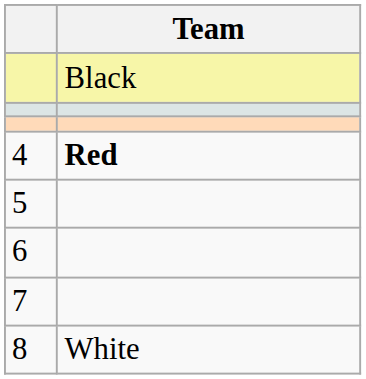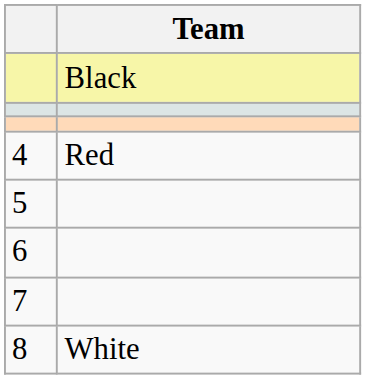 <table class="wikitable">
 <tr>
 <th width=20></th>
 <th width=150>Team</th>
 </tr>
 <tr style="background:#F7F6A8;">
 <td style="text-align:center;"></td>
 <td> Black</td>
 </tr>
 <tr style="background:#DCE5E5;">
 <td style="text-align:center;"></td>
 <td></td>
 </tr>
 <tr style="background:#FFDAB9;">
 <td style="text-align:center;"></td>
 <td></td>
 </tr>
 <tr>
 <td>4</td>
-<td><strong> Red</strong></td>
+<td> Red</td>
 </tr>
 <tr>
 <td>5</td>
 <td></td>
 </tr>
 <tr>
 <td>6</td>
 <td></td>
 </tr>
 <tr>
 <td>7</td>
 <td></td>
 </tr>
 <tr>
 <td>8</td>
 <td> White</td>
 </tr>
 </table>
